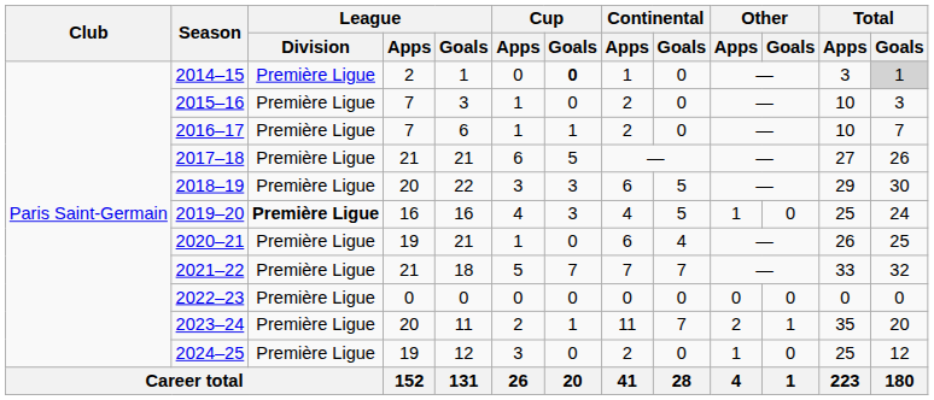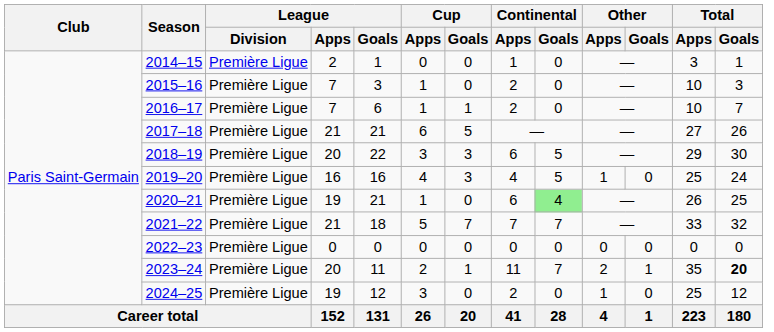 <table class="wikitable" style="text-align: center;">
 <tr>
 <th rowspan="2">Club</th>
 <th rowspan="2">Season</th>
 <th colspan="3">League</th>
 <th colspan="2">Cup</th>
 <th colspan="2">Continental</th>
 <th colspan="2">Other</th>
 <th colspan="2">Total</th>
 </tr>
 <tr>
 <th>Division</th>
 <th>Apps</th>
 <th>Goals</th>
 <th>Apps</th>
 <th>Goals</th>
 <th>Apps</th>
 <th>Goals</th>
 <th>Apps</th>
 <th>Goals</th>
 <th>Apps</th>
 <th>Goals</th>
 </tr>
 <tr>
 <td rowspan="11"><a href='#'>Paris Saint-Germain</a></td>
 <td><a href='#'>2014–15</a></td>
 <td><a href='#'>Première Ligue</a></td>
 <td>2</td>
 <td>1</td>
 <td>0</td>
-<td><strong>0</strong></td>
+<td>0</td>
 <td>1</td>
 <td>0</td>
 <td colspan="2">—</td>
 <td>3</td>
-<td style="background: lightgrey;">1</td>
+<td>1</td>
 </tr>
 <tr>
 <td><a href='#'>2015–16</a></td>
 <td>Première Ligue</td>
 <td>7</td>
 <td>3</td>
 <td>1</td>
 <td>0</td>
 <td>2</td>
 <td>0</td>
 <td colspan="2">—</td>
 <td>10</td>
 <td>3</td>
 </tr>
 <tr>
 <td><a href='#'>2016–17</a></td>
 <td>Première Ligue</td>
 <td>7</td>
 <td>6</td>
 <td>1</td>
 <td>1</td>
 <td>2</td>
 <td>0</td>
 <td colspan="2">—</td>
 <td>10</td>
 <td>7</td>
 </tr>
 <tr>
 <td><a href='#'>2017–18</a></td>
 <td>Première Ligue</td>
 <td>21</td>
 <td>21</td>
 <td>6</td>
 <td>5</td>
 <td colspan="2">—</td>
 <td colspan="2">—</td>
 <td>27</td>
 <td>26</td>
 </tr>
 <tr>
 <td><a href='#'>2018–19</a></td>
 <td>Première Ligue</td>
 <td>20</td>
 <td>22</td>
 <td>3</td>
 <td>3</td>
 <td>6</td>
 <td>5</td>
 <td colspan="2">—</td>
 <td>29</td>
 <td>30</td>
 </tr>
 <tr>
 <td><a href='#'>2019–20</a></td>
-<td><strong>Première Ligue</strong></td>
+<td>Première Ligue</td>
 <td>16</td>
 <td>16</td>
 <td>4</td>
 <td>3</td>
 <td>4</td>
 <td>5</td>
 <td>1</td>
 <td>0</td>
 <td>25</td>
 <td>24</td>
 </tr>
 <tr>
 <td><a href='#'>2020–21</a></td>
 <td>Première Ligue</td>
 <td>19</td>
 <td>21</td>
 <td>1</td>
 <td>0</td>
 <td>6</td>
-<td>4</td>
+<td style="background: lightgreen;">4</td>
 <td colspan="2">—</td>
 <td>26</td>
 <td>25</td>
 </tr>
 <tr>
 <td><a href='#'>2021–22</a></td>
 <td>Première Ligue</td>
 <td>21</td>
 <td>18</td>
 <td>5</td>
 <td>7</td>
 <td>7</td>
 <td>7</td>
 <td colspan="2">—</td>
 <td>33</td>
 <td>32</td>
 </tr>
 <tr>
 <td><a href='#'>2022–23</a></td>
 <td>Première Ligue</td>
 <td>0</td>
 <td>0</td>
 <td>0</td>
 <td>0</td>
 <td>0</td>
 <td>0</td>
 <td>0</td>
 <td>0</td>
 <td>0</td>
 <td>0</td>
 </tr>
 <tr>
 <td><a href='#'>2023–24</a></td>
 <td>Première Ligue</td>
 <td>20</td>
 <td>11</td>
 <td>2</td>
 <td>1</td>
 <td>11</td>
 <td>7</td>
 <td>2</td>
 <td>1</td>
 <td>35</td>
-<td>20</td>
+<td><strong>20</strong></td>
 </tr>
 <tr>
 <td><a href='#'>2024–25</a></td>
 <td>Première Ligue</td>
 <td>19</td>
 <td>12</td>
 <td>3</td>
 <td>0</td>
 <td>2</td>
 <td>0</td>
 <td>1</td>
 <td>0</td>
 <td>25</td>
 <td>12</td>
 </tr>
 <tr>
 <th colspan=3>Career total</th>
 <th>152</th>
 <th>131</th>
 <th>26</th>
 <th>20</th>
 <th>41</th>
 <th>28</th>
 <th>4</th>
 <th>1</th>
 <th>223</th>
 <th>180</th>
 </tr>
 </table>
